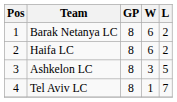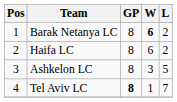 <table class="wikitable">
 <tr style="background:#cccccc;">
 <th>Pos</th>
 <th>Team</th>
 <th>GP</th>
 <th>W</th>
 <th>L</th>
 </tr>
 <tr>
 <td align=center>1</td>
 <td>Barak Netanya LC</td>
 <td align=center>8</td>
-<td align=center>6</td>
+<td align=center><strong>6</strong></td>
 <td align=center>2</td>
 </tr>
 <tr>
 <td align=center>2</td>
 <td>Haifa LC</td>
 <td align=center>8</td>
 <td align=center>6</td>
 <td align=center>2</td>
 </tr>
 <tr>
 <td align=center>3</td>
 <td>Ashkelon LC</td>
 <td align=center>8</td>
 <td align=center>3</td>
 <td align=center>5</td>
 </tr>
 <tr>
 <td align=center>4</td>
 <td>Tel Aviv LC</td>
-<td align=center>8</td>
+<td align=center><strong>8</strong></td>
 <td align=center>1</td>
 <td align=center>7</td>
 </tr>
 <tr>
 </tr>
 </table>
